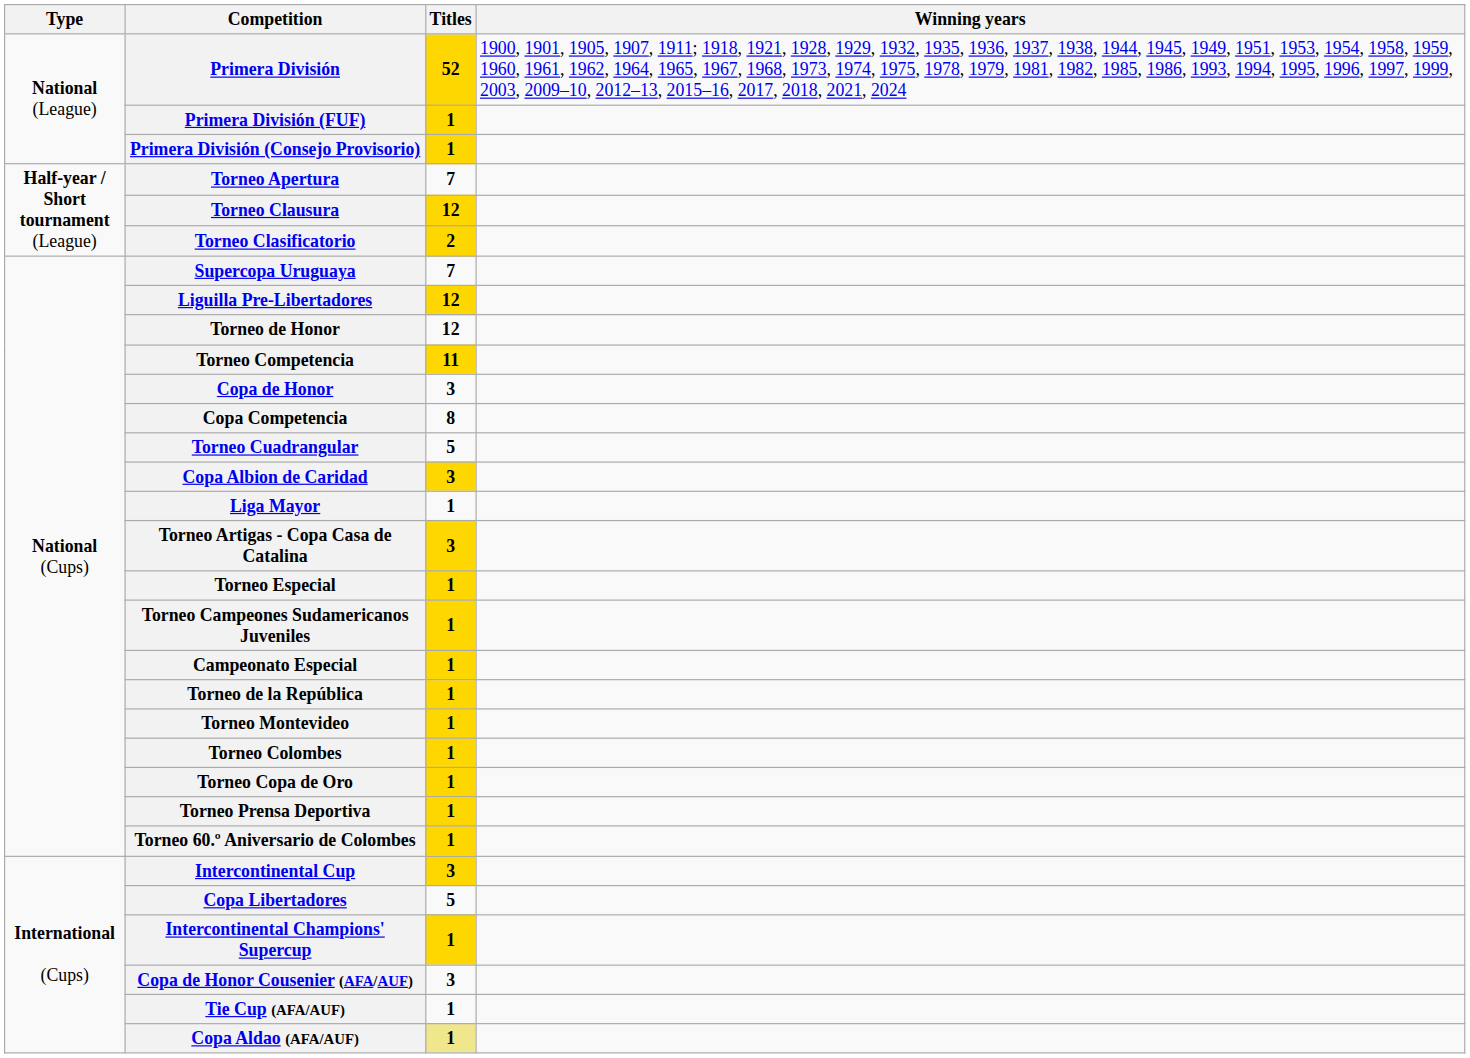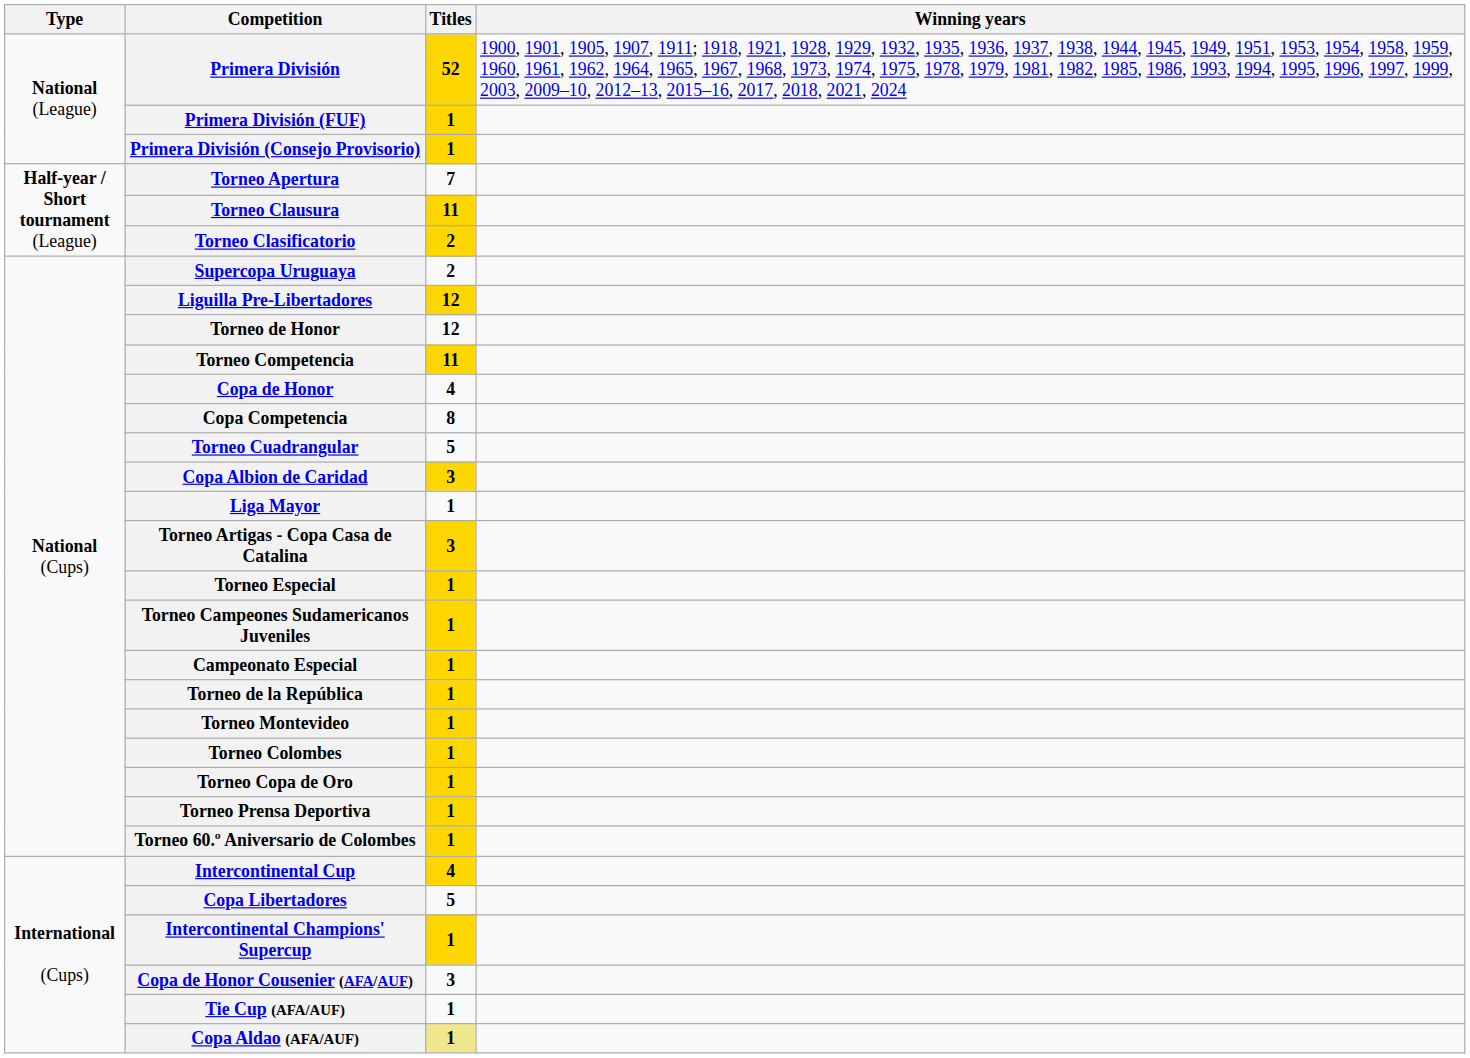 <table class="wikitable sortable plainrowheaders" style="font-size:95%; text-align:center;">
 <tr>
 <th>Type</th>
 <th width=250px>Competition</th>
 <th>Titles</th>
 <th>Winning years</th>
 </tr>
 <tr>
 <td rowspan=3><strong>National</strong><br>(League)</td>
 <th scope=col><a href='#'>Primera División</a></th>
 <td bgcolor="gold"><strong>52</strong></td>
 <td align="left"><a href='#'>1900</a>, <a href='#'>1901</a>, <a href='#'>1905</a>, <a href='#'>1907</a>, <a href='#'>1911</a>; <a href='#'>1918</a>, <a href='#'>1921</a>, <a href='#'>1928</a>, <a href='#'>1929</a>, <a href='#'>1932</a>, <a href='#'>1935</a>, <a href='#'>1936</a>, <a href='#'>1937</a>, <a href='#'>1938</a>, <a href='#'>1944</a>, <a href='#'>1945</a>, <a href='#'>1949</a>, <a href='#'>1951</a>, <a href='#'>1953</a>, <a href='#'>1954</a>, <a href='#'>1958</a>, <a href='#'>1959</a>, <a href='#'>1960</a>, <a href='#'>1961</a>, <a href='#'>1962</a>, <a href='#'>1964</a>, <a href='#'>1965</a>, <a href='#'>1967</a>, <a href='#'>1968</a>, <a href='#'>1973</a>, <a href='#'>1974</a>, <a href='#'>1975</a>, <a href='#'>1978</a>, <a href='#'>1979</a>, <a href='#'>1981</a>, <a href='#'>1982</a>, <a href='#'>1985</a>, <a href='#'>1986</a>, <a href='#'>1993</a>, <a href='#'>1994</a>, <a href='#'>1995</a>, <a href='#'>1996</a>, <a href='#'>1997</a>, <a href='#'>1999</a>, <a href='#'>2003</a>, <a href='#'>2009–10</a>, <a href='#'>2012–13</a>, <a href='#'>2015–16</a>, <a href='#'>2017</a>, <a href='#'>2018</a>, <a href='#'>2021</a>, <a href='#'>2024</a></td>
 </tr>
 <tr>
 <th scope=col><a href='#'>Primera División (FUF)</a></th>
 <td bgcolor="gold"><strong>1</strong></td>
 <td></td>
 </tr>
 <tr>
 <th scope=col><a href='#'>Primera División (Consejo Provisorio)</a></th>
 <td bgcolor="gold"><strong>1</strong></td>
 <td></td>
 </tr>
 <tr>
 <td rowspan=3><strong>Half-year / Short<br>tournament</strong><br>(League)</td>
 <th scope=col><a href='#'>Torneo Apertura</a></th>
 <td><strong>7</strong></td>
 <td></td>
 </tr>
 <tr>
 <th scope=col><a href='#'>Torneo Clausura</a></th>
-<td bgcolor="gold"><strong>12</strong></td>
+<td bgcolor="gold"><strong>11</strong></td>
 <td></td>
 </tr>
 <tr>
 <th scope=col><a href='#'>Torneo Clasificatorio</a></th>
 <td bgcolor="gold"><strong>2</strong></td>
 <td></td>
 </tr>
 <tr>
 <td rowspan="19"><strong>National</strong><br>(Cups)</td>
 <th scope=col><a href='#'>Supercopa Uruguaya</a></th>
-<td><strong>7</strong></td>
+<td><strong>2</strong></td>
 <td></td>
 </tr>
 <tr>
 <th scope=col><a href='#'>Liguilla Pre-Libertadores</a></th>
 <td bgcolor="gold"><strong>12</strong></td>
 <td></td>
 </tr>
 <tr>
 <th scope="col">Torneo de Honor</th>
 <td><strong>12</strong></td>
 <td></td>
 </tr>
 <tr>
 <th scope="col">Torneo Competencia</th>
 <td bgcolor="gold"><strong>11</strong></td>
 <td></td>
 </tr>
 <tr>
 <th scope="col"><a href='#'>Copa de Honor</a></th>
-<td><strong>3</strong></td>
+<td><strong>4</strong></td>
 <td></td>
 </tr>
 <tr>
 <th scope="col">Copa Competencia</th>
 <td><strong>8</strong></td>
 <td></td>
 </tr>
 <tr>
 <th scope="col"><a href='#'>Torneo Cuadrangular</a></th>
 <td><strong>5</strong></td>
 <td></td>
 </tr>
 <tr>
 <th scope="col"><a href='#'>Copa Albion de Caridad</a></th>
 <td bgcolor="gold"><strong>3</strong></td>
 <td></td>
 </tr>
 <tr>
 <th scope="col"><a href='#'>Liga Mayor</a></th>
 <td><strong>1</strong></td>
 <td></td>
 </tr>
 <tr>
 <th scope="col">Torneo Artigas - Copa Casa de Catalina</th>
 <td bgcolor="gold"><strong>3</strong></td>
 <td></td>
 </tr>
 <tr>
 <th scope="col">Torneo Especial</th>
 <td bgcolor="gold"><strong>1</strong></td>
 <td></td>
 </tr>
 <tr>
 <th scope="col">Torneo Campeones Sudamericanos Juveniles</th>
 <td bgcolor="gold"><strong>1</strong></td>
 <td></td>
 </tr>
 <tr>
 <th scope="col">Campeonato Especial</th>
 <td bgcolor="gold"><strong>1</strong></td>
 <td></td>
 </tr>
 <tr>
 <th scope="col">Torneo de la República</th>
 <td bgcolor="gold"><strong>1</strong></td>
 <td></td>
 </tr>
 <tr>
 <th scope="col">Torneo Montevideo</th>
 <td bgcolor="gold"><strong>1</strong></td>
 <td></td>
 </tr>
 <tr>
 <th scope="col">Torneo Colombes</th>
 <td bgcolor="gold"><strong>1</strong></td>
 <td></td>
 </tr>
 <tr>
 <th scope="col">Torneo Copa de Oro</th>
 <td bgcolor="gold"><strong>1</strong></td>
 <td></td>
 </tr>
 <tr>
 <th scope="col">Torneo Prensa Deportiva</th>
 <td bgcolor="gold"><strong>1</strong></td>
 <td></td>
 </tr>
 <tr>
 <th scope="col">Torneo 60.º Aniversario de Colombes</th>
 <td bgcolor="gold"><strong>1</strong></td>
 <td></td>
 </tr>
 <tr>
 <td rowspan="9"><strong>International</strong><br><br>(Cups)</td>
 <th scope=col><a href='#'>Intercontinental Cup</a></th>
-<td bgcolor="gold"><strong>3</strong></td>
+<td bgcolor="gold"><strong>4</strong></td>
 <td></td>
 </tr>
 <tr>
 <th scope=col><a href='#'>Copa Libertadores</a></th>
 <td><strong>5</strong></td>
 <td></td>
 </tr>
 <tr>
 <th scope=col><a href='#'>Intercontinental Champions' Supercup</a></th>
 <td bgcolor="gold"><strong>1</strong></td>
 <td></td>
 </tr>
 <tr>
 <th scope=col><a href='#'>Copa de Honor Cousenier</a> <small>(<a href='#'>AFA</a>/<a href='#'>AUF</a>)</small></th>
 <td><strong>3</strong></td>
 <td></td>
 </tr>
 <tr>
 <th scope=col><a href='#'>Tie Cup</a> <small>(AFA/AUF)</small></th>
 <td><strong>1</strong></td>
 <td></td>
 </tr>
 <tr>
 <th scope=col><a href='#'>Copa Aldao</a> <small>(AFA/AUF)</small></th>
 <td style="background: khaki;"><strong>1</strong></td>
 <td></td>
 </tr>
 </table>
